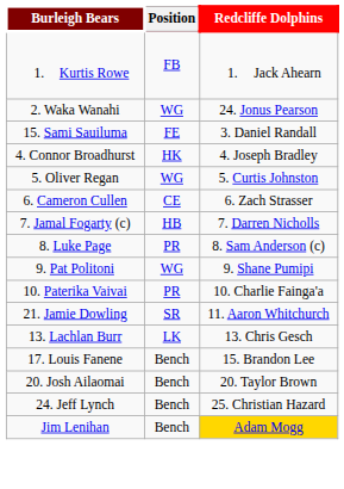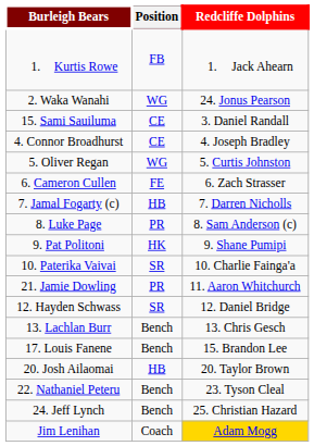 <table class="wikitable" style="float:right; font-size:90%; text-align:center; margin-left:1em;">
 <tr style="background:#f03;">
 <th align="centre" width="136" style="border: 3px solid white; background: maroon; color: white">Burleigh Bears</th>
 <th style="width:40px;">Position</th>
 <th align="centre" width="136" style="border: 3px solid red; background: red; color: white">Redcliffe Dolphins</th>
 </tr>
 <tr>
 <td><br><ol><li><a href='#'>Kurtis Rowe</a></li></ol></td>
 <td><a href='#'>FB</a></td>
 <td><br><ol><li>Jack Ahearn</li></ol></td>
 </tr>
 <tr>
 <td>2. Waka Wanahi</td>
 <td><a href='#'>WG</a></td>
 <td>24. <a href='#'>Jonus Pearson</a></td>
 </tr>
 <tr>
 <td>15. <a href='#'>Sami Sauiluma</a></td>
-<td><a href='#'>FE</a></td>
+<td><a href='#'>CE</a></td>
 <td>3. Daniel Randall</td>
 </tr>
 <tr>
 <td>4. Connor Broadhurst</td>
-<td><a href='#'>HK</a></td>
+<td><a href='#'>CE</a></td>
 <td>4. Joseph Bradley</td>
 </tr>
 <tr>
 <td>5. Oliver Regan</td>
 <td><a href='#'>WG</a></td>
 <td>5. <a href='#'>Curtis Johnston</a></td>
 </tr>
 <tr>
 <td>6. <a href='#'>Cameron Cullen</a></td>
-<td><a href='#'>CE</a></td>
+<td><a href='#'>FE</a></td>
 <td>6. Zach Strasser</td>
 </tr>
 <tr>
 <td>7. <a href='#'>Jamal Fogarty</a> (c)</td>
 <td><a href='#'>HB</a></td>
 <td>7. <a href='#'>Darren Nicholls</a></td>
 </tr>
 <tr>
 <td>8. <a href='#'>Luke Page</a></td>
 <td><a href='#'>PR</a></td>
 <td>8. <a href='#'>Sam Anderson</a> (c)</td>
 </tr>
 <tr>
 <td>9. <a href='#'>Pat Politoni</a></td>
-<td><a href='#'>WG</a></td>
+<td><a href='#'>HK</a></td>
 <td>9. <a href='#'>Shane Pumipi</a></td>
 </tr>
 <tr>
 <td>10. <a href='#'>Paterika Vaivai</a></td>
-<td><a href='#'>PR</a></td>
+<td><a href='#'>SR</a></td>
 <td>10. Charlie Fainga'a</td>
 </tr>
 <tr>
 <td>21. <a href='#'>Jamie Dowling</a></td>
-<td><a href='#'>SR</a></td>
+<td><a href='#'>PR</a></td>
 <td>11. <a href='#'>Aaron Whitchurch</a></td>
 </tr>
 <tr>
+<td>12. Hayden Schwass</td>
+<td><a href='#'>SR</a></td>
+<td>12. Daniel Bridge</td>
+</tr>
+<tr>
 <td>13. <a href='#'>Lachlan Burr</a></td>
-<td><a href='#'>LK</a></td>
+<td>Bench</td>
 <td>13. Chris Gesch</td>
 </tr>
 <tr>
 <td>17. Louis Fanene</td>
 <td>Bench</td>
 <td>15. Brandon Lee</td>
 </tr>
 <tr>
 <td>20. Josh Ailaomai</td>
+<td><a href='#'>HB</a></td>
+<td>20. Taylor Brown</td>
+</tr>
+<tr>
+<td>22. <a href='#'>Nathaniel Peteru</a></td>
 <td>Bench</td>
-<td>20. Taylor Brown</td>
+<td>23. Tyson Cleal</td>
 </tr>
 <tr>
 <td>24. Jeff Lynch</td>
 <td>Bench</td>
 <td>25. Christian Hazard</td>
 </tr>
 <tr>
 <td><a href='#'>Jim Lenihan</a></td>
-<td>Bench</td>
+<td>Coach</td>
 <td style="background: gold;"><a href='#'>Adam Mogg</a></td>
 </tr>
 </table>
